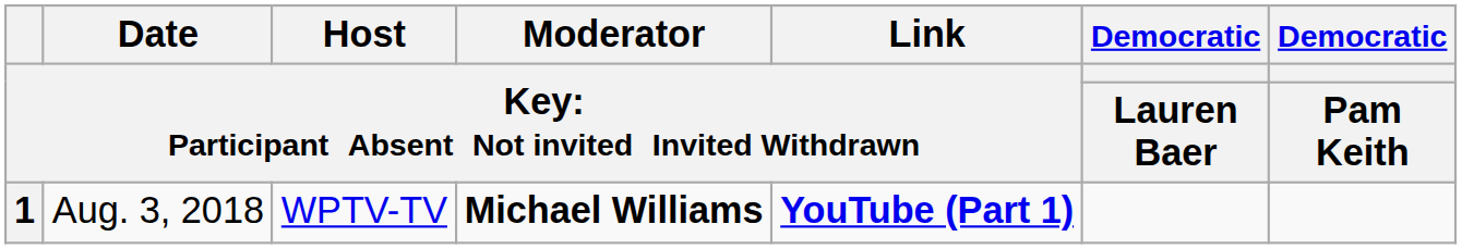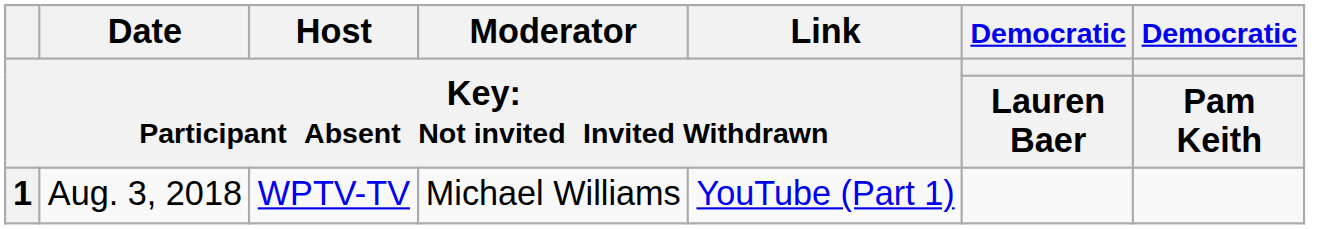 <table class="wikitable" style="text-align:center;">
 <tr>
 <th scope="col"></th>
 <th scope="col">Date</th>
 <th scope="col">Host</th>
 <th scope="col">Moderator</th>
 <th scope="col">Link</th>
 <th scope="col"><small><a href='#'>Democratic</a></small></th>
 <th scope="col"><small><a href='#'>Democratic</a></small></th>
 </tr>
 <tr>
 <th colspan="5" rowspan="2">Key:<br> <small>Participant </small>  <small>Absent </small>  <small>Not invited </small>  <small>Invited  Withdrawn</small></th>
 <th scope="col" style="background:"></th>
 <th scope="col" style="background:"></th>
 </tr>
 <tr>
 <th scope="col">Lauren Baer</th>
 <th scope="col">Pam Keith</th>
 </tr>
 <tr>
 <th>1</th>
 <td style="white-space:nowrap;">Aug. 3, 2018</td>
 <td style="white-space:nowrap;"><a href='#'>WPTV-TV</a></td>
-<td style="white-space:nowrap;"><strong>Michael Williams</strong></td>
-<td style="white-space:nowrap;"><strong><a href='#'>YouTube (Part 1)</a><br></strong></td>
+<td style="white-space:nowrap;">Michael Williams</td>
+<td style="white-space:nowrap;"><a href='#'>YouTube (Part 1)</a><br></td>
 <td></td>
 <td></td>
 </tr>
 </table>
